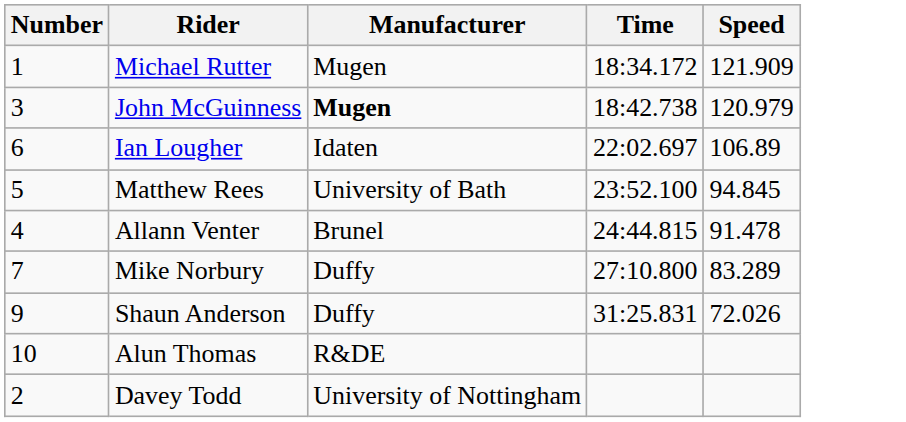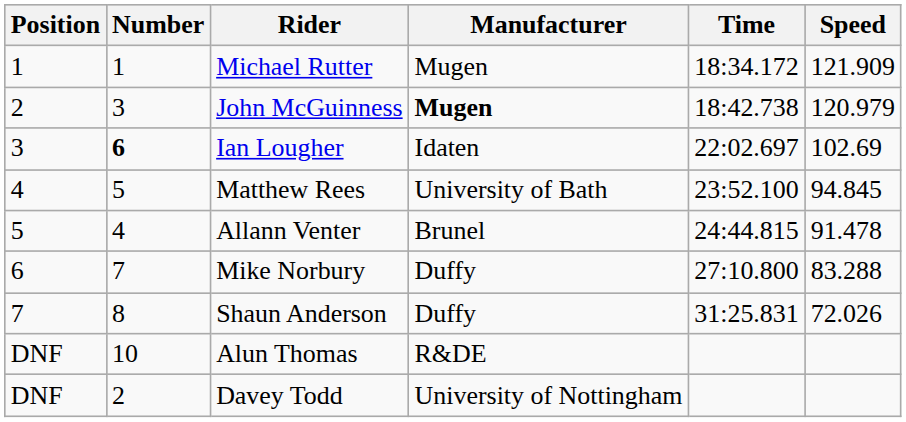 <table class="wikitable">
 <tr>
+<th>Position</th>
 <th>Number</th>
 <th>Rider</th>
 <th>Manufacturer</th>
 <th>Time</th>
 <th>Speed</th>
 </tr>
 <tr>
 <td>1</td>
+<td>1</td>
 <td> <a href='#'>Michael Rutter</a></td>
 <td>Mugen</td>
 <td>18:34.172</td>
 <td>121.909</td>
 </tr>
 <tr>
+<td>2</td>
 <td>3</td>
 <td> <a href='#'>John McGuinness</a></td>
 <td><strong>Mugen</strong></td>
 <td>18:42.738</td>
 <td>120.979</td>
 </tr>
 <tr>
-<td>6</td>
+<td>3</td>
+<td><strong>6</strong></td>
 <td> <a href='#'>Ian Lougher</a></td>
 <td>Idaten</td>
 <td>22:02.697</td>
-<td>106.89</td>
+<td>102.69</td>
 </tr>
 <tr>
+<td>4</td>
 <td>5</td>
 <td> Matthew Rees</td>
 <td>University of Bath</td>
 <td>23:52.100</td>
 <td>94.845</td>
 </tr>
 <tr>
+<td>5</td>
 <td>4</td>
 <td> Allann Venter</td>
 <td>Brunel</td>
 <td>24:44.815</td>
 <td>91.478</td>
 </tr>
 <tr>
+<td>6</td>
 <td>7</td>
 <td> Mike Norbury</td>
 <td>Duffy</td>
 <td>27:10.800</td>
-<td>83.289</td>
+<td>83.288</td>
 </tr>
 <tr>
-<td>9</td>
+<td>7</td>
+<td>8</td>
 <td> Shaun Anderson</td>
 <td>Duffy</td>
 <td>31:25.831</td>
 <td>72.026</td>
 </tr>
 <tr>
+<td>DNF</td>
 <td>10</td>
 <td> Alun Thomas</td>
 <td>R&DE</td>
 <td></td>
 <td></td>
 </tr>
 <tr>
+<td>DNF</td>
 <td>2</td>
 <td> Davey Todd</td>
 <td>University of Nottingham</td>
 <td></td>
 <td></td>
 </tr>
 </table>
